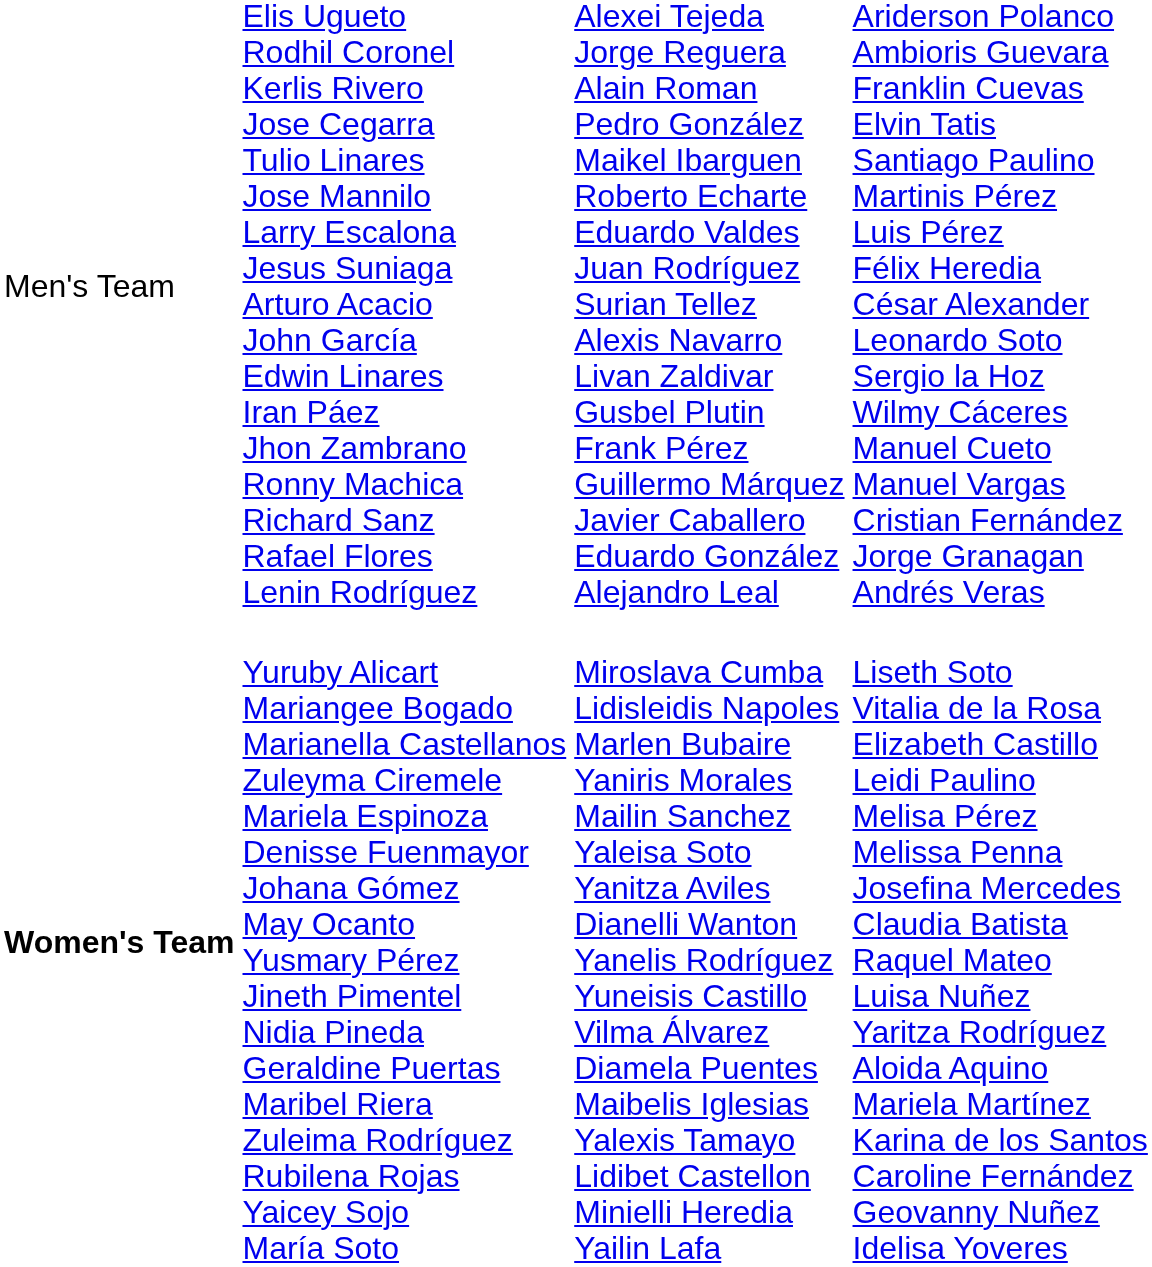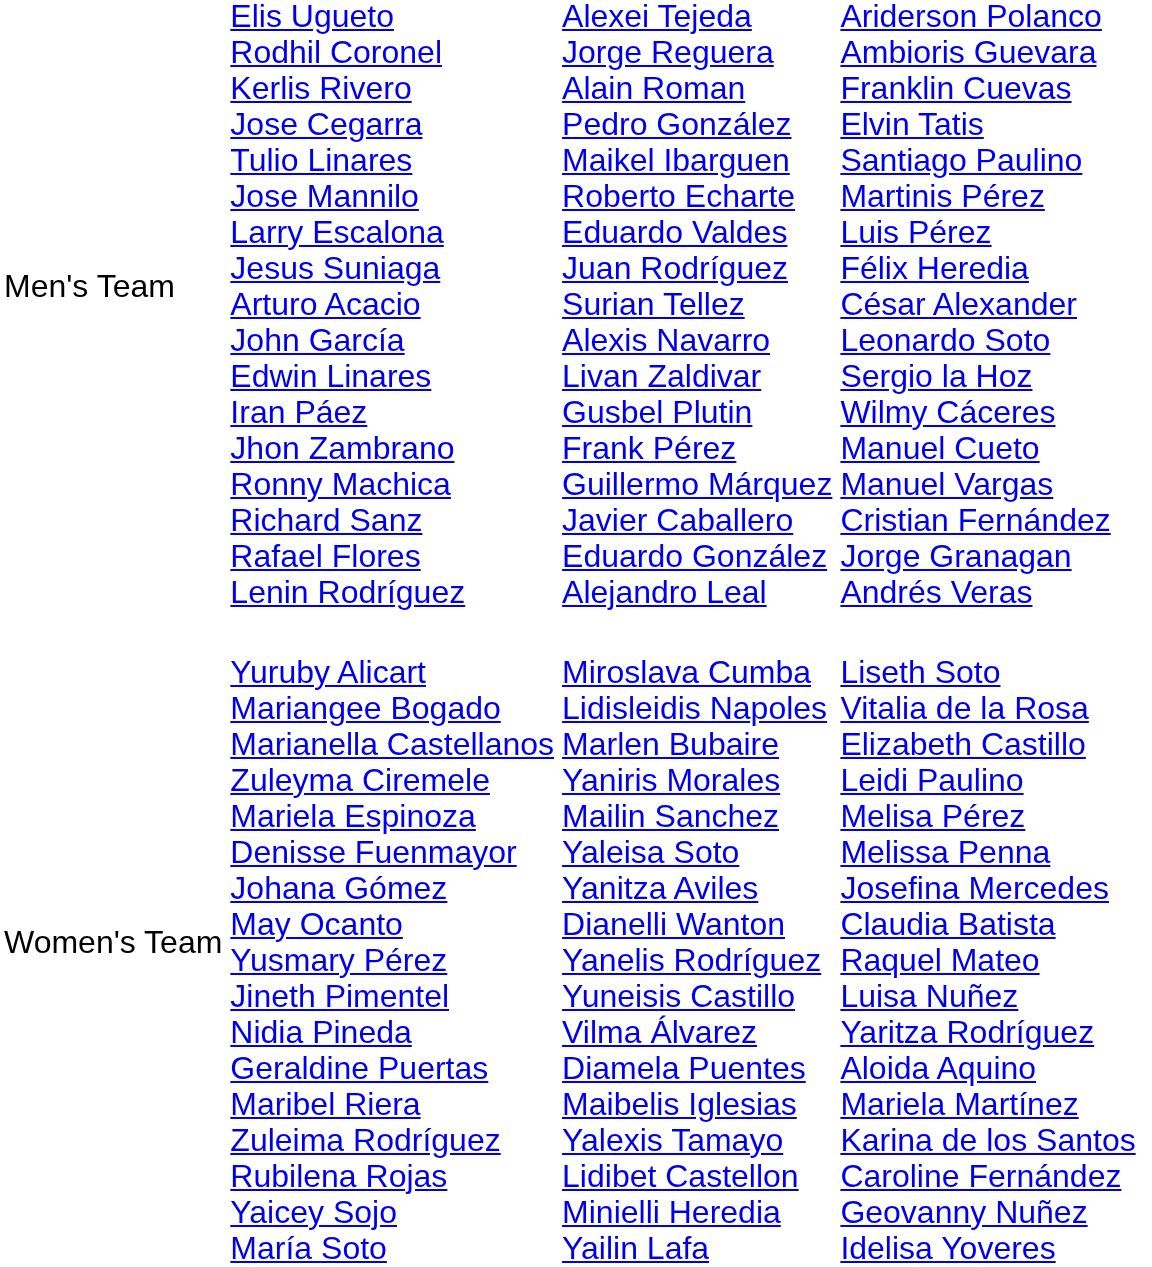 <table>
 <tr>
 <td>Men's Team</td>
 <td><br><a href='#'>Elis Ugueto</a><br><a href='#'>Rodhil Coronel</a><br><a href='#'>Kerlis Rivero</a><br><a href='#'>Jose Cegarra</a><br><a href='#'>Tulio Linares</a><br><a href='#'>Jose Mannilo</a><br><a href='#'>Larry Escalona</a><br><a href='#'>Jesus Suniaga</a><br><a href='#'>Arturo Acacio</a><br><a href='#'>John García</a><br><a href='#'>Edwin Linares</a><br><a href='#'>Iran Páez</a><br><a href='#'>Jhon Zambrano</a><br><a href='#'>Ronny Machica</a><br><a href='#'>Richard Sanz</a><br><a href='#'>Rafael Flores</a><br><a href='#'>Lenin Rodríguez</a></td>
 <td><br><a href='#'>Alexei Tejeda</a><br><a href='#'>Jorge Reguera</a><br><a href='#'>Alain Roman</a><br><a href='#'>Pedro González</a><br><a href='#'>Maikel Ibarguen</a><br><a href='#'>Roberto Echarte</a><br><a href='#'>Eduardo Valdes</a><br><a href='#'>Juan Rodríguez</a><br><a href='#'>Surian Tellez</a><br><a href='#'>Alexis Navarro</a><br><a href='#'>Livan Zaldivar</a><br><a href='#'>Gusbel Plutin</a><br><a href='#'>Frank Pérez</a><br><a href='#'>Guillermo Márquez</a><br><a href='#'>Javier Caballero</a><br><a href='#'>Eduardo González</a><br><a href='#'>Alejandro Leal</a></td>
 <td><br><a href='#'>Ariderson Polanco</a><br><a href='#'>Ambioris Guevara</a><br><a href='#'>Franklin Cuevas</a><br><a href='#'>Elvin Tatis</a><br><a href='#'>Santiago Paulino</a><br><a href='#'>Martinis Pérez</a><br><a href='#'>Luis Pérez</a><br><a href='#'>Félix Heredia</a><br><a href='#'>César Alexander</a><br><a href='#'>Leonardo Soto</a><br><a href='#'>Sergio la Hoz</a><br><a href='#'>Wilmy Cáceres</a><br><a href='#'>Manuel Cueto</a><br><a href='#'>Manuel Vargas</a><br><a href='#'>Cristian Fernández</a><br><a href='#'>Jorge Granagan</a><br><a href='#'>Andrés Veras</a></td>
 </tr>
 <tr>
-<td><strong>Women's Team</strong></td>
+<td>Women's Team</td>
 <td><br><a href='#'>Yuruby Alicart</a><br><a href='#'>Mariangee Bogado</a><br><a href='#'>Marianella Castellanos</a><br><a href='#'>Zuleyma Ciremele</a><br><a href='#'>Mariela Espinoza</a><br><a href='#'>Denisse Fuenmayor</a><br><a href='#'>Johana Gómez</a><br><a href='#'>May Ocanto</a><br><a href='#'>Yusmary Pérez</a><br><a href='#'>Jineth Pimentel</a><br><a href='#'>Nidia Pineda</a><br><a href='#'>Geraldine Puertas</a><br><a href='#'>Maribel Riera</a><br><a href='#'>Zuleima Rodríguez</a><br><a href='#'>Rubilena Rojas</a><br><a href='#'>Yaicey Sojo</a><br><a href='#'>María Soto</a></td>
 <td><br><a href='#'>Miroslava Cumba</a><br><a href='#'>Lidisleidis Napoles</a><br><a href='#'>Marlen Bubaire</a><br><a href='#'>Yaniris Morales</a><br><a href='#'>Mailin Sanchez</a><br><a href='#'>Yaleisa Soto</a><br><a href='#'>Yanitza Aviles</a><br><a href='#'>Dianelli Wanton</a><br><a href='#'>Yanelis Rodríguez</a><br><a href='#'>Yuneisis Castillo</a><br><a href='#'>Vilma Álvarez</a><br><a href='#'>Diamela Puentes</a><br><a href='#'>Maibelis Iglesias</a><br><a href='#'>Yalexis Tamayo</a><br><a href='#'>Lidibet Castellon</a><br><a href='#'>Minielli Heredia</a><br><a href='#'>Yailin Lafa</a></td>
 <td><br><a href='#'>Liseth Soto</a><br><a href='#'>Vitalia de la Rosa</a><br><a href='#'>Elizabeth Castillo</a><br><a href='#'>Leidi Paulino</a><br><a href='#'>Melisa Pérez</a><br><a href='#'>Melissa Penna</a><br><a href='#'>Josefina Mercedes</a><br><a href='#'>Claudia Batista</a><br><a href='#'>Raquel Mateo</a><br><a href='#'>Luisa Nuñez</a><br><a href='#'>Yaritza Rodríguez</a><br><a href='#'>Aloida Aquino</a><br><a href='#'>Mariela Martínez</a><br><a href='#'>Karina de los Santos</a><br><a href='#'>Caroline Fernández</a><br><a href='#'>Geovanny Nuñez</a><br><a href='#'>Idelisa Yoveres</a></td>
 </tr>
 </table>
